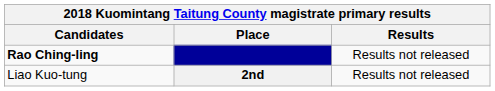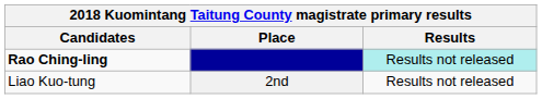 <table class="wikitable collapsible">
 <tr>
 <th colspan="5" width=600>2018 Kuomintang <a href='#'>Taitung County</a> magistrate primary results</th>
 </tr>
 <tr>
 <th width=80>Candidates</th>
 <th width=80>Place</th>
 <th width=80>Results</th>
 </tr>
 <tr>
 <td><strong>Rao Ching-ling</strong></td>
 <td style="background: #000099; text-align:center"><strong></strong></td>
-<td style="text-align:center">Results not released</td>
+<td style="background: paleturquoise; text-align:center">Results not released</td>
 </tr>
 <tr>
 <td>Liao Kuo-tung</td>
-<td style="background: #f1f1f1; text-align:center"><strong>2nd</strong></td>
+<td style="background: #f1f1f1; text-align:center">2nd</td>
 <td style="text-align:center">Results not released</td>
 </tr>
 </table>
